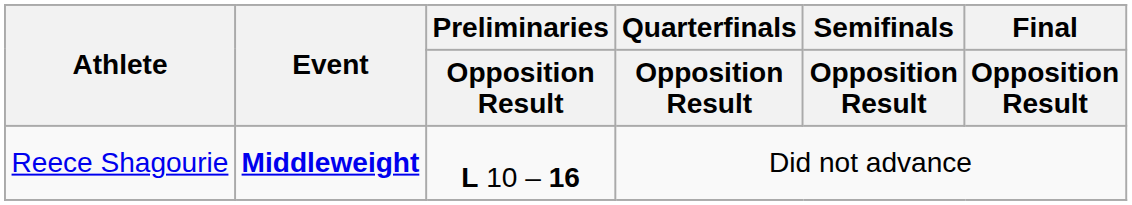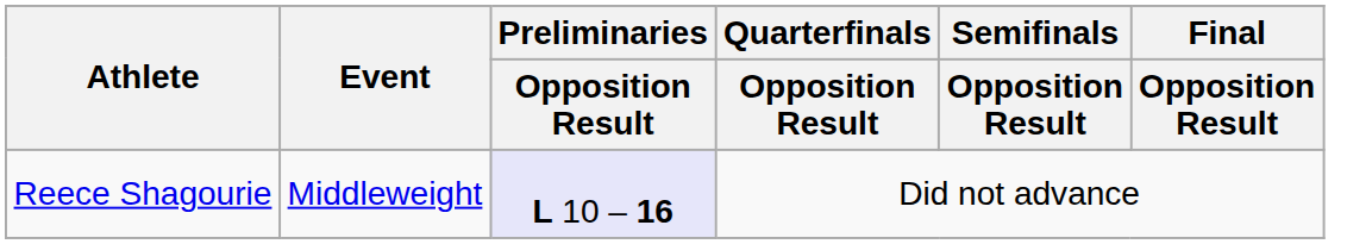 <table class="wikitable" border="1" style="font-size:90%">
 <tr>
 <th rowspan=2>Athlete</th>
 <th rowspan=2>Event</th>
 <th>Preliminaries</th>
 <th>Quarterfinals</th>
 <th>Semifinals</th>
 <th>Final</th>
 </tr>
 <tr>
 <th>Opposition<br>Result</th>
 <th>Opposition<br>Result</th>
 <th>Opposition<br>Result</th>
 <th>Opposition<br>Result</th>
 </tr>
 <tr>
 <td><a href='#'>Reece Shagourie</a></td>
-<td><strong><a href='#'>Middleweight</a></strong></td>
-<td align=center><br><strong>L</strong> 10 – <strong>16</strong></td>
+<td><a href='#'>Middleweight</a></td>
+<td align=center style="background: lavender;"><br><strong>L</strong> 10 – <strong>16</strong></td>
 <td align=center colspan="7">Did not advance</td>
 </tr>
 </table>
